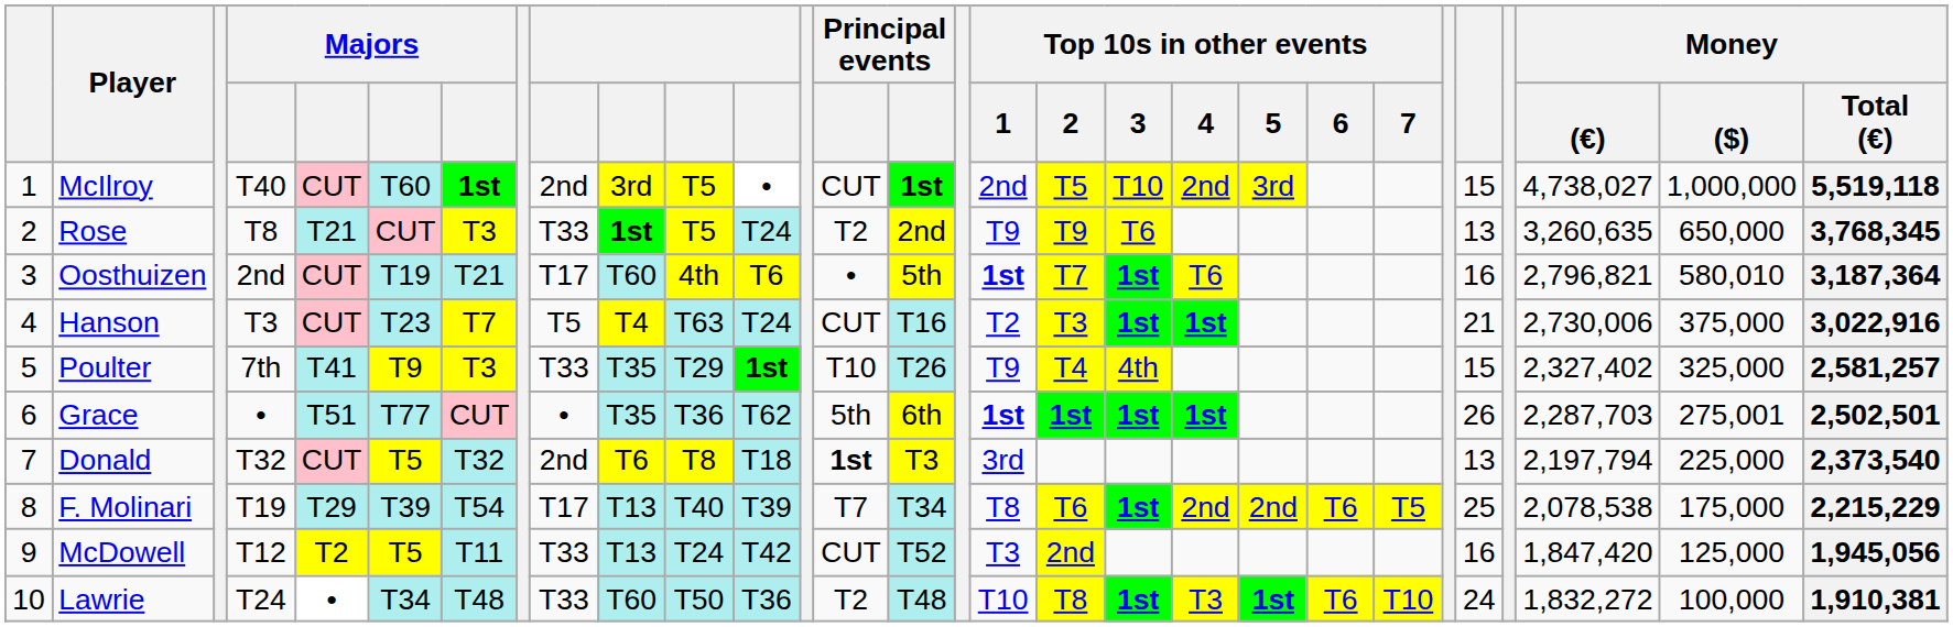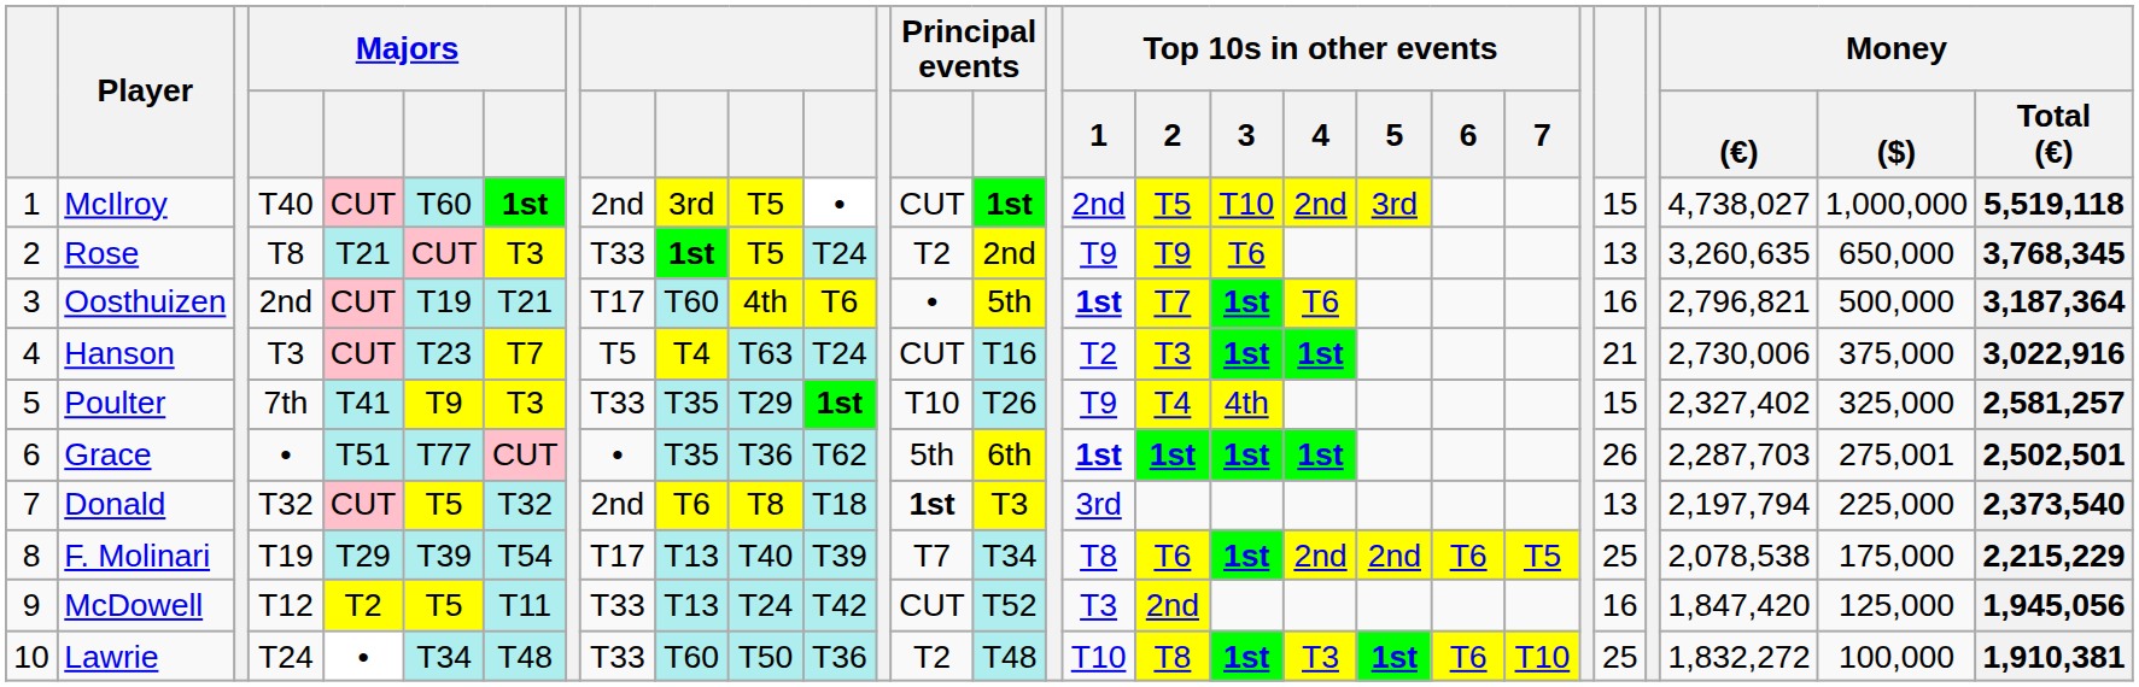 <table class=wikitable style=font-size:85%;text-align:center>
 <tr>
 <th rowspan=2></th>
 <th rowspan="2";>Player</th>
 <th rowspan="32"></th>
 <th colspan=4><a href='#'>Majors</a></th>
 <th rowspan="32"></th>
 <th colspan=4></th>
 <th rowspan="32"></th>
 <th colspan=2>Principal events</th>
 <th rowspan="32"></th>
 <th colspan="7">Top 10s in other  events</th>
 <th rowspan="32"></th>
 <th rowspan=2></th>
 <th rowspan="32"></th>
 <th colspan=3>Money</th>
 </tr>
 <tr>
 <th style="width:25px;"></th>
 <th style="width:25px;"></th>
 <th style="width:25px;"></th>
 <th style="width:25px;"></th>
 <th style="width:25px;"></th>
 <th style="width:25px;"></th>
 <th style="width:25px;"></th>
 <th style="width:25px;"></th>
 <th style="width:25px;"></th>
 <th style="width:25px;"></th>
 <th style="width:25px;">1</th>
 <th style="width:25px;">2</th>
 <th style="width:25px;">3</th>
 <th style="width:25px;">4</th>
 <th style="width:25px;">5</th>
 <th style="width:25px;">6</th>
 <th style="width:25px;">7</th>
 <th style=“width:25px;”><br>(€)</th>
 <th style=“width:25px;”><br>($)</th>
 <th style=“width:25px;”>Total<br>(€)</th>
 </tr>
 <tr>
 <td>1</td>
 <td align="left"> <a href='#'>McIlroy</a></td>
 <td>T40</td>
 <td bgcolor="pink">CUT</td>
 <td bgcolor="afeeee">T60</td>
 <td bgcolor="lime"><strong>1st</strong></td>
 <td>2nd</td>
 <td bgcolor="yellow">3rd</td>
 <td bgcolor="yellow">T5</td>
 <td style="background:white">•</td>
 <td>CUT</td>
 <td bgcolor="lime"><strong>1st</strong></td>
 <td><a href='#'>2nd</a></td>
 <td bgcolor="yellow"><a href='#'>T5</a></td>
 <td bgcolor="yellow"><a href='#'>T10</a></td>
 <td bgcolor="yellow"><a href='#'>2nd</a></td>
 <td bgcolor="yellow"><a href='#'>3rd</a></td>
 <td bgcolor=""></td>
 <td bgcolor=""></td>
 <td>15</td>
 <td>4,738,027</td>
 <td>1,000,000</td>
 <th>5,519,118</th>
 </tr>
 <tr>
 <td>2</td>
 <td align="left"> <a href='#'>Rose</a></td>
 <td>T8</td>
 <td bgcolor="afeeee">T21</td>
 <td bgcolor="pink">CUT</td>
 <td bgcolor="yellow">T3</td>
 <td>T33</td>
 <td bgcolor="lime"><strong>1st</strong></td>
 <td bgcolor="yellow">T5</td>
 <td bgcolor="afeeee">T24</td>
 <td>T2</td>
 <td bgcolor="yellow">2nd</td>
 <td><a href='#'>T9</a></td>
 <td bgcolor="yellow"><a href='#'>T9</a></td>
 <td bgcolor="yellow"><a href='#'>T6</a></td>
 <td bgcolor=""></td>
 <td bgcolor=""></td>
 <td bgcolor=""></td>
 <td bgcolor=""></td>
 <td>13</td>
 <td>3,260,635</td>
 <td>650,000</td>
 <th>3,768,345</th>
 </tr>
 <tr>
 <td>3</td>
 <td align="left"> <a href='#'>Oosthuizen</a></td>
 <td>2nd</td>
 <td bgcolor="pink">CUT</td>
 <td bgcolor="afeeee">T19</td>
 <td bgcolor="afeeee">T21</td>
 <td>T17</td>
 <td bgcolor="afeeee">T60</td>
 <td bgcolor="yellow">4th</td>
 <td bgcolor="yellow">T6</td>
 <td>•</td>
 <td bgcolor="yellow">5th</td>
 <td><a href='#'><strong>1st</strong></a></td>
 <td bgcolor="yellow"><a href='#'>T7</a></td>
 <td bgcolor="lime"><a href='#'><strong>1st</strong></a></td>
 <td bgcolor="yellow"><a href='#'>T6</a></td>
 <td bgcolor=""></td>
 <td bgcolor=""></td>
 <td bgcolor=""></td>
 <td>16</td>
 <td>2,796,821</td>
-<td>580,010</td>
+<td>500,000</td>
 <th>3,187,364</th>
 </tr>
 <tr>
 <td>4</td>
 <td align="left"> <a href='#'>Hanson</a></td>
 <td>T3</td>
 <td bgcolor="pink">CUT</td>
 <td bgcolor="afeeee">T23</td>
 <td bgcolor="yellow">T7</td>
 <td>T5</td>
 <td bgcolor="yellow">T4</td>
 <td bgcolor="afeeee">T63</td>
 <td bgcolor="afeeee">T24</td>
 <td>CUT</td>
 <td bgcolor="afeeee">T16</td>
 <td><a href='#'>T2</a></td>
 <td bgcolor="yellow"><a href='#'>T3</a></td>
 <td bgcolor="lime"><a href='#'><strong>1st</strong></a></td>
 <td bgcolor="lime"><a href='#'><strong>1st</strong></a></td>
 <td bgcolor=""></td>
 <td bgcolor=""></td>
 <td bgcolor=""></td>
 <td>21</td>
 <td>2,730,006</td>
 <td>375,000</td>
 <th>3,022,916</th>
 </tr>
 <tr>
 <td>5</td>
 <td align="left"> <a href='#'>Poulter</a></td>
 <td>7th</td>
 <td bgcolor="afeeee">T41</td>
 <td bgcolor="yellow">T9</td>
 <td bgcolor="yellow">T3</td>
 <td>T33</td>
 <td bgcolor="afeeee">T35</td>
 <td bgcolor="afeeee">T29</td>
 <td bgcolor="lime"><strong>1st</strong></td>
 <td>T10</td>
 <td bgcolor="afeeee">T26</td>
 <td><a href='#'>T9</a></td>
 <td bgcolor="yellow"><a href='#'>T4</a></td>
 <td bgcolor="yellow"><a href='#'>4th</a></td>
 <td bgcolor=""></td>
 <td bgcolor=""></td>
 <td bgcolor=""></td>
 <td bgcolor=""></td>
 <td>15</td>
 <td>2,327,402</td>
 <td>325,000</td>
 <th>2,581,257</th>
 </tr>
 <tr>
 <td>6</td>
 <td align="left"> <a href='#'>Grace</a></td>
 <td>•</td>
 <td bgcolor="afeeee">T51</td>
 <td bgcolor="afeeee">T77</td>
 <td bgcolor="pink">CUT</td>
 <td>•</td>
 <td bgcolor="afeeee">T35</td>
 <td bgcolor="afeeee">T36</td>
 <td bgcolor="afeeee">T62</td>
 <td>5th</td>
 <td bgcolor="yellow">6th</td>
 <td><a href='#'><strong>1st</strong></a></td>
 <td bgcolor="lime"><a href='#'><strong>1st</strong></a></td>
 <td bgcolor="lime"><a href='#'><strong>1st</strong></a></td>
 <td bgcolor="lime"><a href='#'><strong>1st</strong></a></td>
 <td bgcolor=""></td>
 <td bgcolor=""></td>
 <td bgcolor=""></td>
 <td>26</td>
 <td>2,287,703</td>
 <td>275,001</td>
 <th>2,502,501</th>
 </tr>
 <tr>
 <td>7</td>
 <td align="left"> <a href='#'>Donald</a></td>
 <td>T32</td>
 <td bgcolor="pink">CUT</td>
 <td bgcolor="yellow">T5</td>
 <td bgcolor="afeeee">T32</td>
 <td>2nd</td>
 <td bgcolor="yellow">T6</td>
 <td bgcolor="yellow">T8</td>
 <td bgcolor="afeeee">T18</td>
 <td><strong>1st</strong></td>
 <td bgcolor="yellow">T3</td>
 <td><a href='#'>3rd</a></td>
 <td bgcolor=""></td>
 <td bgcolor=""></td>
 <td bgcolor=""></td>
 <td bgcolor=""></td>
 <td bgcolor=""></td>
 <td bgcolor=""></td>
 <td>13</td>
 <td>2,197,794</td>
 <td>225,000</td>
 <th>2,373,540</th>
 </tr>
 <tr>
 <td>8</td>
 <td align="left"> <a href='#'>F. Molinari</a></td>
 <td>T19</td>
 <td bgcolor="afeeee">T29</td>
 <td bgcolor="afeeee">T39</td>
 <td bgcolor="afeeee">T54</td>
 <td>T17</td>
 <td bgcolor="afeeee">T13</td>
 <td bgcolor="afeeee">T40</td>
 <td bgcolor="afeeee">T39</td>
 <td>T7</td>
 <td bgcolor="afeeee">T34</td>
 <td><a href='#'>T8</a></td>
 <td bgcolor="yellow"><a href='#'>T6</a></td>
 <td bgcolor="lime"><a href='#'><strong>1st</strong></a></td>
 <td bgcolor="yellow"><a href='#'>2nd</a></td>
 <td bgcolor="yellow"><a href='#'>2nd</a></td>
 <td bgcolor="yellow"><a href='#'>T6</a></td>
 <td bgcolor="yellow"><a href='#'>T5</a></td>
 <td>25</td>
 <td>2,078,538</td>
 <td>175,000</td>
 <th>2,215,229</th>
 </tr>
 <tr>
 <td>9</td>
 <td align="left"> <a href='#'>McDowell</a></td>
 <td>T12</td>
 <td bgcolor="yellow">T2</td>
 <td bgcolor="yellow">T5</td>
 <td bgcolor="afeeee">T11</td>
 <td>T33</td>
 <td bgcolor="afeeee">T13</td>
 <td bgcolor="afeeee">T24</td>
 <td bgcolor="afeeee">T42</td>
 <td>CUT</td>
 <td bgcolor="afeeee">T52</td>
 <td><a href='#'>T3</a></td>
 <td bgcolor="yellow"><a href='#'>2nd</a></td>
 <td bgcolor=""></td>
 <td bgcolor=""></td>
 <td bgcolor=""></td>
 <td bgcolor=""></td>
 <td bgcolor=""></td>
 <td>16</td>
 <td>1,847,420</td>
 <td>125,000</td>
 <th>1,945,056</th>
 </tr>
 <tr>
 <td>10</td>
 <td align="left"> <a href='#'>Lawrie</a></td>
 <td>T24</td>
 <td style="background:white">•</td>
 <td bgcolor="afeeee">T34</td>
 <td bgcolor="afeeee">T48</td>
 <td>T33</td>
 <td bgcolor="afeeee">T60</td>
 <td bgcolor="afeeee">T50</td>
 <td bgcolor="afeeee">T36</td>
 <td>T2</td>
 <td bgcolor="afeeee">T48</td>
 <td><a href='#'>T10</a></td>
 <td bgcolor="yellow"><a href='#'>T8</a></td>
 <td bgcolor="lime"><a href='#'><strong>1st</strong></a></td>
 <td bgcolor="yellow"><a href='#'>T3</a></td>
 <td bgcolor="lime"><a href='#'><strong>1st</strong></a></td>
 <td bgcolor="yellow"><a href='#'>T6</a></td>
 <td bgcolor="yellow"><a href='#'>T10</a></td>
-<td>24</td>
+<td>25</td>
 <td>1,832,272</td>
 <td>100,000</td>
 <th>1,910,381</th>
 </tr>
 </table>
